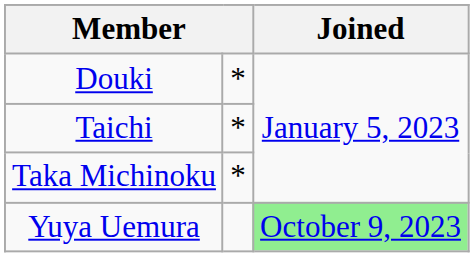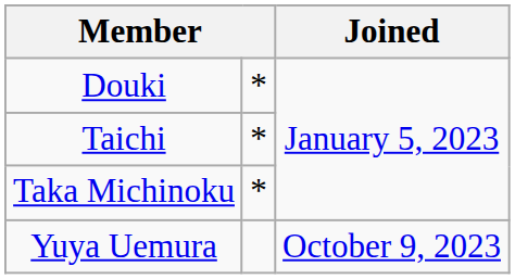 <table class="wikitable sortable" style="text-align:center;">
 <tr>
 <th colspan="2">Member</th>
 <th>Joined</th>
 </tr>
 <tr>
 <td><a href='#'>Douki</a></td>
 <td>*</td>
 <td rowspan=3><a href='#'>January 5, 2023</a></td>
 </tr>
 <tr>
 <td><a href='#'>Taichi</a></td>
 <td>*</td>
 </tr>
 <tr>
 <td><a href='#'>Taka Michinoku</a></td>
 <td>*</td>
 </tr>
 <tr>
 <td><a href='#'>Yuya Uemura</a></td>
 <td></td>
-<td style="background: lightgreen;"><a href='#'>October 9, 2023</a></td>
+<td><a href='#'>October 9, 2023</a></td>
 </tr>
 </table>
